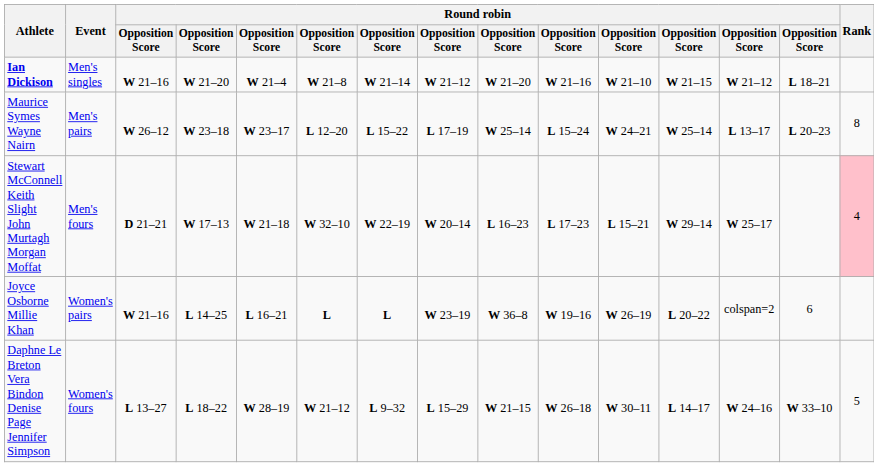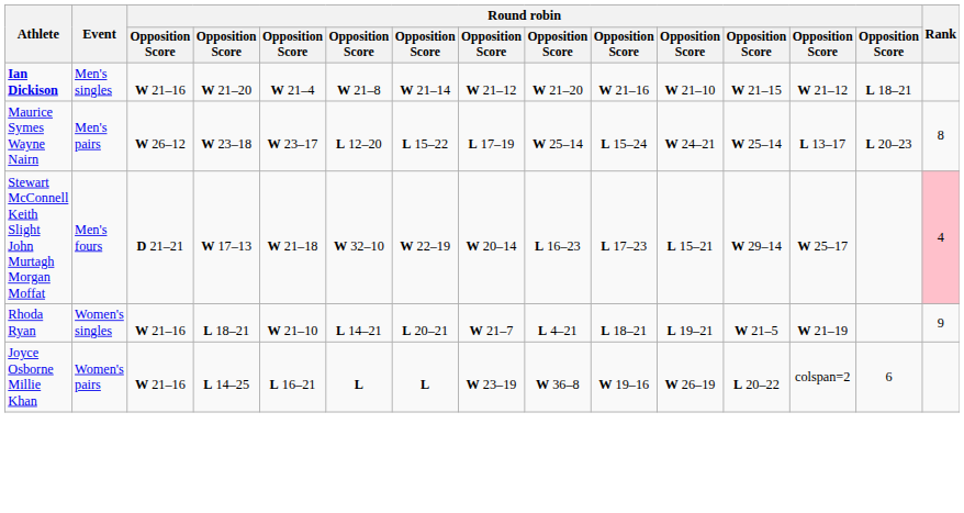 <table class=wikitable style="font-size:90%;text-align:center">
 <tr>
 <th rowspan="2">Athlete</th>
 <th rowspan="2">Event</th>
 <th colspan=12>Round robin</th>
 <th rowspan=2>Rank</th>
 </tr>
 <tr style="font-size:95%">
 <th>Opposition<br>Score</th>
 <th>Opposition<br>Score</th>
 <th>Opposition<br>Score</th>
 <th>Opposition<br>Score</th>
 <th>Opposition<br>Score</th>
 <th>Opposition<br>Score</th>
 <th>Opposition<br>Score</th>
 <th>Opposition<br>Score</th>
 <th>Opposition<br>Score</th>
 <th>Opposition<br>Score</th>
 <th>Opposition<br>Score</th>
 <th>Opposition<br>Score</th>
 </tr>
 <tr>
 <td style="text-align:left;"><strong><a href='#'>Ian Dickison</a></strong></td>
 <td style="text-align:left;"><a href='#'>Men's singles</a></td>
 <td><br><strong>W</strong> 21–16</td>
 <td><br><strong>W</strong> 21–20</td>
 <td><br><strong>W</strong> 21–4</td>
 <td><br><strong>W</strong> 21–8</td>
 <td><br><strong>W</strong> 21–14</td>
 <td><br><strong>W</strong> 21–12</td>
 <td><br><strong>W</strong> 21–20</td>
 <td><br><strong>W</strong> 21–16</td>
 <td><br><strong>W</strong> 21–10</td>
 <td><br><strong>W</strong> 21–15</td>
 <td><br><strong>W</strong> 21–12</td>
 <td><br><strong>L</strong> 18–21</td>
 <td></td>
 </tr>
 <tr>
 <td style="text-align:left;"><a href='#'>Maurice Symes</a><br><a href='#'>Wayne Nairn</a></td>
 <td style="text-align:left;"><a href='#'>Men's pairs</a></td>
 <td><br><strong>W</strong> 26–12</td>
 <td><br><strong>W</strong> 23–18</td>
 <td><br><strong>W</strong> 23–17</td>
 <td><br><strong>L</strong> 12–20</td>
 <td><br><strong>L</strong> 15–22</td>
 <td><br><strong>L</strong> 17–19</td>
 <td><br><strong>W</strong> 25–14</td>
 <td><br><strong>L</strong> 15–24</td>
 <td><br><strong>W</strong> 24–21</td>
 <td><br><strong>W</strong> 25–14</td>
 <td><br><strong>L</strong> 13–17</td>
 <td><br><strong>L</strong> 20–23</td>
 <td>8</td>
 </tr>
 <tr>
 <td style="text-align:left;"><a href='#'>Stewart McConnell</a><br><a href='#'>Keith Slight</a><br><a href='#'>John Murtagh</a><br><a href='#'>Morgan Moffat</a></td>
 <td style="text-align:left;"><a href='#'>Men's fours</a></td>
 <td><br><strong>D</strong> 21–21</td>
 <td><br><strong>W</strong> 17–13</td>
 <td><br><strong>W</strong> 21–18</td>
 <td><br><strong>W</strong> 32–10</td>
 <td><br><strong>W</strong> 22–19</td>
 <td><br><strong>W</strong> 20–14</td>
 <td><br><strong>L</strong> 16–23</td>
 <td><br><strong>L</strong> 17–23</td>
 <td><br><strong>L</strong> 15–21</td>
 <td><br><strong>W</strong> 29–14</td>
 <td><br><strong>W</strong> 25–17</td>
 <td></td>
 <td style="background: pink;">4</td>
 </tr>
 <tr>
+<td style="text-align:left;"><a href='#'>Rhoda Ryan</a></td>
+<td style="text-align:left;"><a href='#'>Women's singles</a></td>
+<td><br><strong>W</strong> 21–16</td>
+<td><br><strong>L</strong> 18–21</td>
+<td><br><strong>W</strong> 21–10</td>
+<td><br><strong>L</strong> 14–21</td>
+<td><br><strong>L</strong> 20–21</td>
+<td><br><strong>W</strong> 21–7</td>
+<td><br><strong>L</strong> 4–21</td>
+<td><br><strong>L</strong> 18–21</td>
+<td><br><strong>L</strong> 19–21</td>
+<td><br><strong>W</strong> 21–5</td>
+<td><br><strong>W</strong> 21–19</td>
+<td></td>
+<td>9</td>
+</tr>
+<tr>
 <td style="text-align:left;"><a href='#'>Joyce Osborne</a><br><a href='#'>Millie Khan</a></td>
 <td style="text-align:left;"><a href='#'>Women's pairs</a></td>
 <td><br><strong>W</strong> 21–16</td>
 <td><br><strong>L</strong> 14–25</td>
 <td><br><strong>L</strong> 16–21</td>
 <td><br><strong>L</strong></td>
 <td><br><strong>L</strong></td>
 <td><br><strong>W</strong> 23–19</td>
 <td><br><strong>W</strong> 36–8</td>
 <td><br><strong>W</strong> 19–16</td>
 <td><br><strong>W</strong> 26–19</td>
 <td><br><strong>L</strong> 20–22</td>
 <td>colspan=2 </td>
 <td>6</td>
 </tr>
-<tr>
-<td style="text-align:left;"><a href='#'>Daphne Le Breton</a><br><a href='#'>Vera Bindon</a><br><a href='#'>Denise Page</a><br><a href='#'>Jennifer Simpson</a></td>
-<td style="text-align:left;"><a href='#'>Women's fours</a></td>
-<td><br><strong>L</strong> 13–27</td>
-<td><br><strong>L</strong> 18–22</td>
-<td><br><strong>W</strong> 28–19</td>
-<td><br><strong>W</strong> 21–12</td>
-<td><br><strong>L</strong> 9–32</td>
-<td><br><strong>L</strong> 15–29</td>
-<td><br><strong>W</strong> 21–15</td>
-<td><br><strong>W</strong> 26–18</td>
-<td><br><strong>W</strong> 30–11</td>
-<td><br><strong>L</strong> 14–17</td>
-<td><br><strong>W</strong> 24–16</td>
-<td><br><strong>W</strong> 33–10</td>
-<td>5</td>
-</tr>
 </table>
